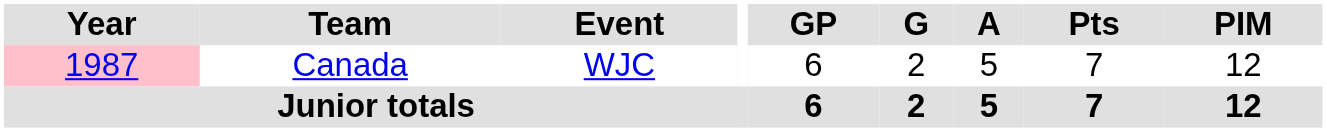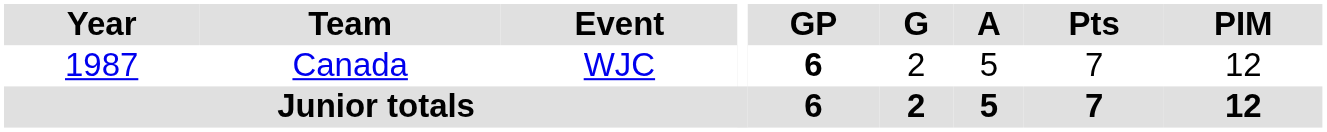 <table border="0" cellpadding="1" cellspacing="0" ID="Table3" style="text-align:center; width:40em">
 <tr bgcolor="#e0e0e0">
 <th>Year</th>
 <th>Team</th>
 <th>Event</th>
 <th rowspan="102" bgcolor="#ffffff"></th>
 <th>GP</th>
 <th>G</th>
 <th>A</th>
 <th>Pts</th>
 <th>PIM</th>
 </tr>
 <tr>
-<td style="background: pink;"><a href='#'>1987</a></td>
+<td><a href='#'>1987</a></td>
 <td><a href='#'>Canada</a></td>
 <td><a href='#'>WJC</a></td>
-<td>6</td>
+<td><strong>6</strong></td>
 <td>2</td>
 <td>5</td>
 <td>7</td>
 <td>12</td>
 </tr>
 <tr bgcolor="#e0e0e0">
 <th colspan="4">Junior totals</th>
 <th>6</th>
 <th>2</th>
 <th>5</th>
 <th>7</th>
 <th>12</th>
 </tr>
 </table>
